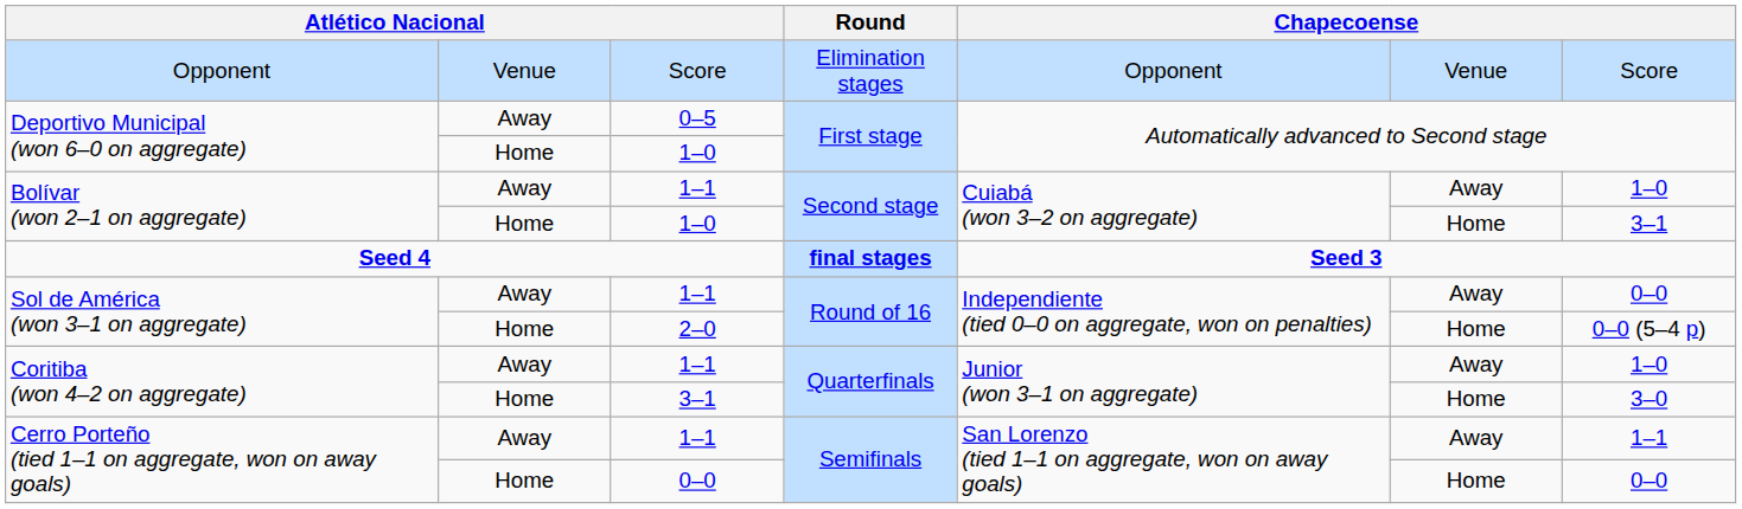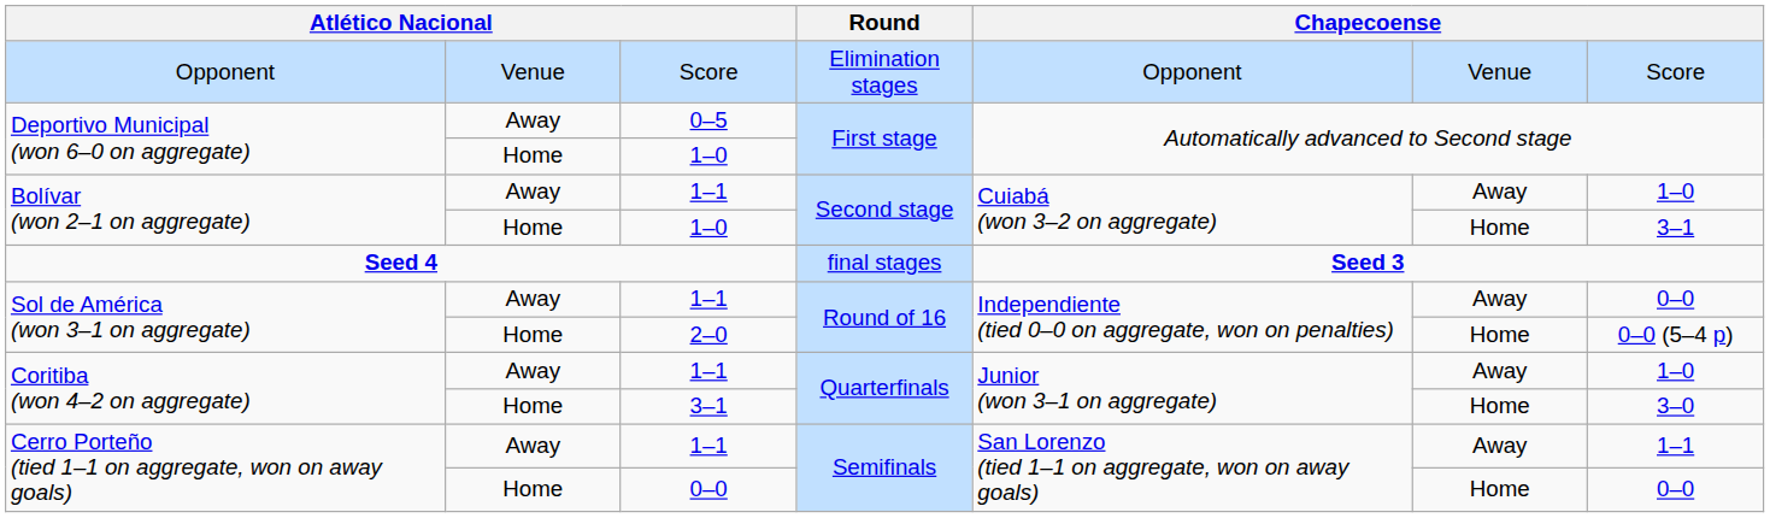 <table class="wikitable" style="text-align: center;">
 <tr>
 <th colspan=3> <a href='#'>Atlético Nacional</a></th>
 <th>Round</th>
 <th colspan=3> <a href='#'>Chapecoense</a></th>
 </tr>
 <tr bgcolor=#c1e0ff>
 <td width=25%>Opponent</td>
 <td width=10%>Venue</td>
 <td width=10%>Score</td>
 <td width=10%><a href='#'>Elimination stages</a></td>
 <td width=25%>Opponent</td>
 <td width=10%>Venue</td>
 <td width=10%>Score</td>
 </tr>
 <tr>
 <td rowspan=2 align=left> <a href='#'>Deportivo Municipal</a><br><em>(won 6–0 on aggregate)</em></td>
 <td>Away</td>
 <td><a href='#'>0–5</a></td>
 <td rowspan=2 bgcolor=#c1e0ff><a href='#'>First stage</a></td>
 <td rowspan=2 colspan=3><em>Automatically advanced to Second stage</em></td>
 </tr>
 <tr>
 <td>Home</td>
 <td><a href='#'>1–0</a></td>
 </tr>
 <tr>
 <td rowspan=2 align=left> <a href='#'>Bolívar</a><br><em>(won 2–1 on aggregate)</em></td>
 <td>Away</td>
 <td><a href='#'>1–1</a></td>
 <td rowspan=2 bgcolor=#c1e0ff><a href='#'>Second stage</a></td>
 <td rowspan=2 align=left> <a href='#'>Cuiabá</a><br><em>(won 3–2 on aggregate)</em></td>
 <td>Away</td>
 <td><a href='#'>1–0</a></td>
 </tr>
 <tr>
 <td>Home</td>
 <td><a href='#'>1–0</a></td>
 <td>Home</td>
 <td><a href='#'>3–1</a></td>
 </tr>
 <tr>
 <td colspan=3><strong><a href='#'>Seed 4</a></strong></td>
-<td bgcolor=#c1e0ff><strong><a href='#'>final stages</a></strong></td>
+<td bgcolor=#c1e0ff><a href='#'>final stages</a></td>
 <td colspan=3><strong><a href='#'>Seed 3</a></strong></td>
 </tr>
 <tr>
 <td rowspan=2 align=left> <a href='#'>Sol de América</a><br><em>(won 3–1 on aggregate)</em></td>
 <td>Away</td>
 <td><a href='#'>1–1</a></td>
 <td rowspan=2 bgcolor=#c1e0ff><a href='#'>Round of 16</a></td>
 <td rowspan=2 align=left> <a href='#'>Independiente</a><br><em>(tied 0–0 on aggregate, won on penalties)</em></td>
 <td>Away</td>
 <td><a href='#'>0–0</a></td>
 </tr>
 <tr>
 <td>Home</td>
 <td><a href='#'>2–0</a></td>
 <td>Home</td>
 <td><a href='#'>0–0</a> (5–4 <a href='#'>p</a>)</td>
 </tr>
 <tr>
 <td rowspan=2 align=left> <a href='#'>Coritiba</a><br><em>(won 4–2 on aggregate)</em></td>
 <td>Away</td>
 <td><a href='#'>1–1</a></td>
 <td rowspan=2 bgcolor=#c1e0ff><a href='#'>Quarterfinals</a></td>
 <td rowspan=2 align=left> <a href='#'>Junior</a><br><em>(won 3–1 on aggregate)</em></td>
 <td>Away</td>
 <td><a href='#'>1–0</a></td>
 </tr>
 <tr>
 <td>Home</td>
 <td><a href='#'>3–1</a></td>
 <td>Home</td>
 <td><a href='#'>3–0</a></td>
 </tr>
 <tr>
 <td rowspan=2 align=left> <a href='#'>Cerro Porteño</a><br><em>(tied 1–1 on aggregate, won on away goals)</em></td>
 <td>Away</td>
 <td><a href='#'>1–1</a></td>
 <td rowspan=2 bgcolor=#c1e0ff><a href='#'>Semifinals</a></td>
 <td rowspan=2 align=left> <a href='#'>San Lorenzo</a><br><em>(tied 1–1 on aggregate, won on away goals)</em></td>
 <td>Away</td>
 <td><a href='#'>1–1</a></td>
 </tr>
 <tr>
 <td>Home</td>
 <td><a href='#'>0–0</a></td>
 <td>Home</td>
 <td><a href='#'>0–0</a></td>
 </tr>
 </table>
